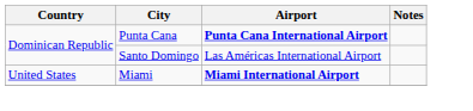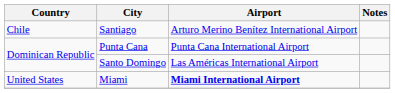 <table class="sortable wikitable">
 <tr>
 <th>Country</th>
 <th>City</th>
 <th>Airport</th>
 <th>Notes</th>
 </tr>
 <tr>
+<td><a href='#'>Chile</a></td>
+<td><a href='#'>Santiago</a></td>
+<td><a href='#'>Arturo Merino Benítez International Airport</a></td>
+<td align=center></td>
+</tr>
+<tr>
 <td rowspan=2><a href='#'>Dominican Republic</a></td>
 <td><a href='#'>Punta Cana</a></td>
-<td><strong><a href='#'>Punta Cana International Airport</a></strong></td>
+<td><a href='#'>Punta Cana International Airport</a></td>
 <td></td>
 </tr>
 <tr>
 <td><a href='#'>Santo Domingo</a></td>
 <td><a href='#'>Las Américas International Airport</a></td>
 <td></td>
 </tr>
 <tr>
 <td><a href='#'>United States</a></td>
 <td><a href='#'>Miami</a></td>
 <td><strong><a href='#'>Miami International Airport</a></strong></td>
 <td align=center></td>
 </tr>
 <tr>
 </tr>
 </table>
